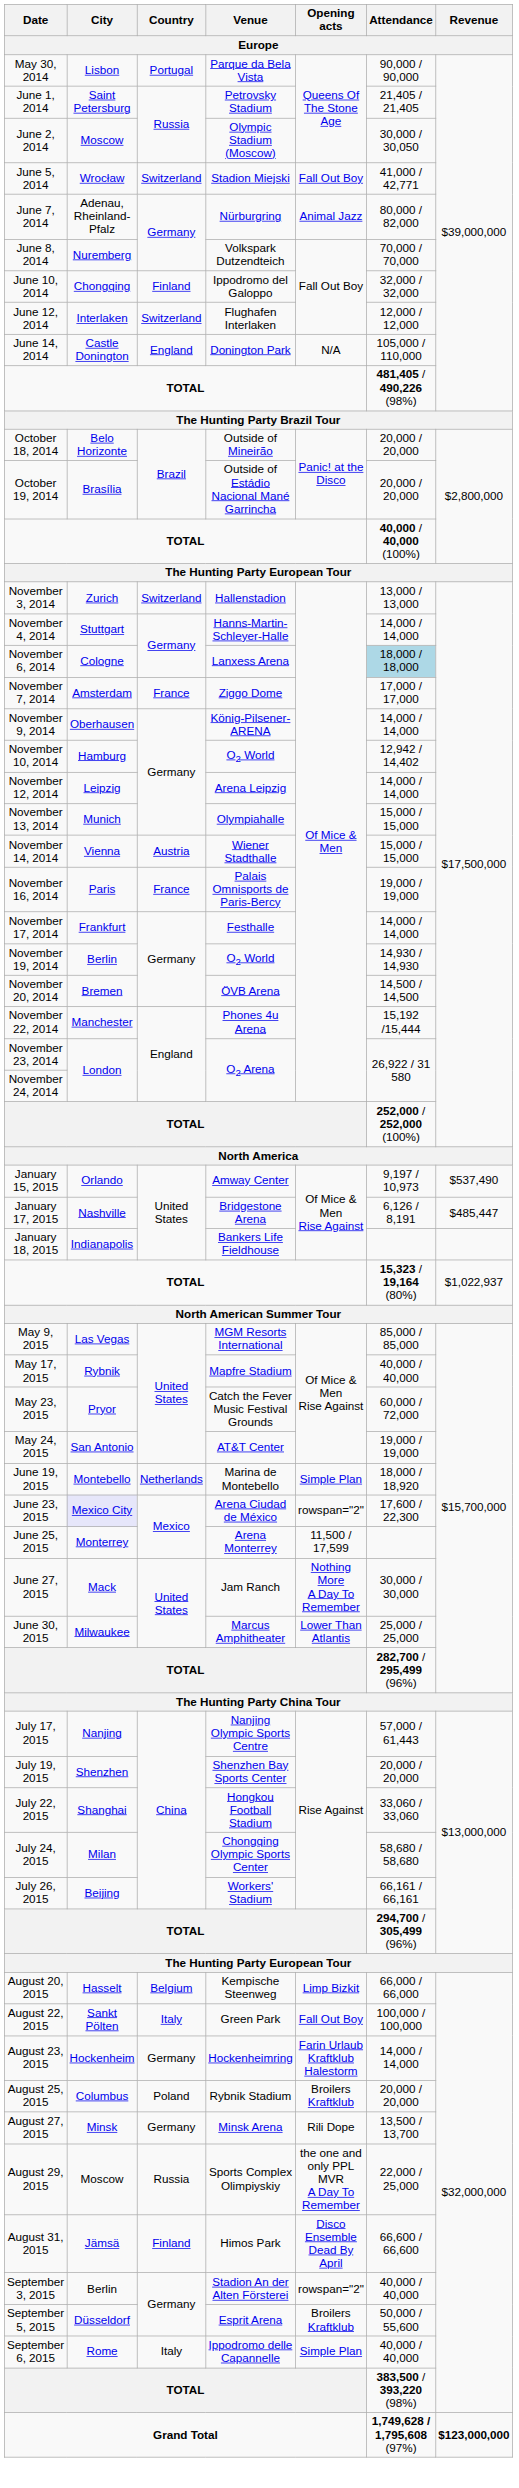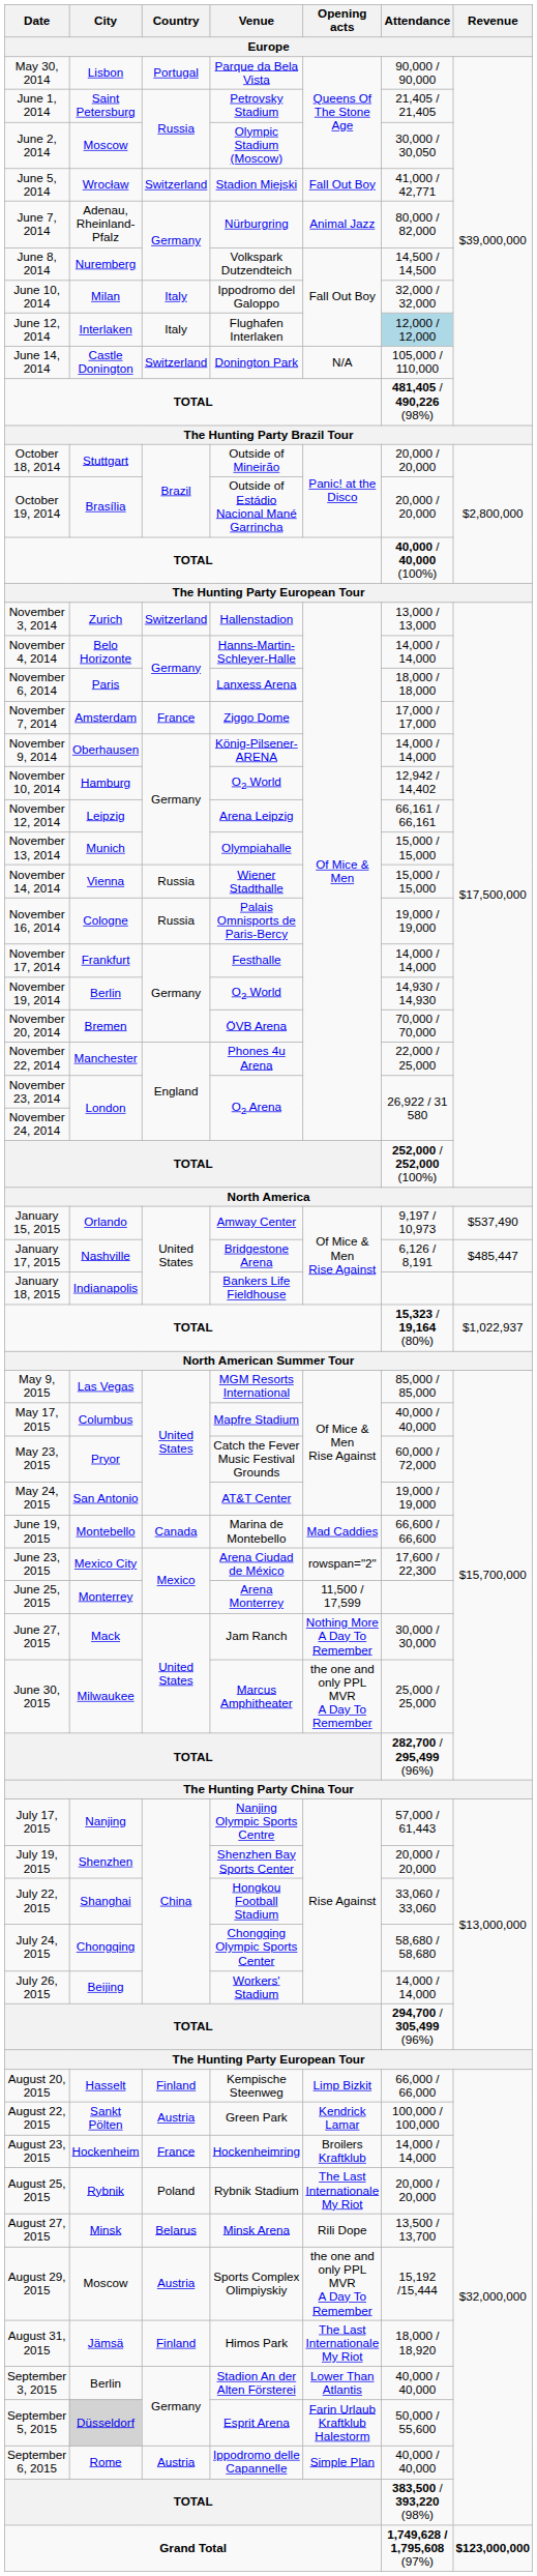 <table class="wikitable" style="text-align:center;">
 <tr>
 <th width="150" scope="col">Date</th>
 <th width="150" scope="col">City</th>
 <th width="150" scope="col">Country</th>
 <th width="250" scope="col">Venue</th>
 <th scope="col" style="width:10em;">Opening acts</th>
 <th scope="col" style="width:12em;">Attendance</th>
 <th scope="col" style="width:12em;">Revenue</th>
 </tr>
 <tr>
 <th colspan="7">Europe</th>
 </tr>
 <tr>
 <td>May 30, 2014</td>
 <td><a href='#'>Lisbon</a></td>
 <td><a href='#'>Portugal</a></td>
 <td><a href='#'>Parque da Bela Vista</a></td>
 <td rowspan="3"><a href='#'>Queens Of The Stone Age</a></td>
 <td>90,000 / 90,000</td>
 <td rowspan="10">$39,000,000</td>
 </tr>
 <tr>
 <td>June 1, 2014</td>
 <td><a href='#'>Saint Petersburg</a></td>
 <td rowspan="2"><a href='#'>Russia</a></td>
 <td><a href='#'>Petrovsky Stadium</a></td>
 <td>21,405 / 21,405</td>
 </tr>
 <tr>
 <td>June 2, 2014</td>
 <td><a href='#'>Moscow</a></td>
 <td><a href='#'>Olympic Stadium (Moscow)</a></td>
 <td>30,000 / 30,050</td>
 </tr>
 <tr>
 <td>June 5, 2014</td>
 <td><a href='#'>Wrocław</a></td>
 <td><a href='#'>Switzerland</a></td>
 <td><a href='#'>Stadion Miejski</a></td>
 <td><a href='#'>Fall Out Boy</a></td>
 <td>41,000 / 42,771</td>
 </tr>
 <tr>
 <td>June 7, 2014</td>
 <td>Adenau, Rheinland-Pfalz</td>
 <td rowspan="2"><a href='#'>Germany</a></td>
 <td><a href='#'>Nürburgring</a></td>
 <td><a href='#'>Animal Jazz</a></td>
 <td>80,000 / 82,000</td>
 </tr>
 <tr>
 <td>June 8, 2014</td>
 <td><a href='#'>Nuremberg</a></td>
 <td>Volkspark Dutzendteich</td>
 <td rowspan="3">Fall Out Boy</td>
-<td>70,000 / 70,000</td>
+<td>14,500 / 14,500</td>
 </tr>
 <tr>
 <td>June 10, 2014</td>
-<td><a href='#'>Chongqing</a></td>
-<td><a href='#'>Finland</a></td>
+<td><a href='#'>Milan</a></td>
+<td><a href='#'>Italy</a></td>
 <td>Ippodromo del Galoppo</td>
 <td>32,000 / 32,000</td>
 </tr>
 <tr>
 <td>June 12, 2014</td>
 <td><a href='#'>Interlaken</a></td>
-<td><a href='#'>Switzerland</a></td>
+<td>Italy</td>
 <td>Flughafen Interlaken</td>
-<td>12,000 / 12,000</td>
+<td style="background: lightblue;">12,000 / 12,000</td>
 </tr>
 <tr>
 <td>June 14, 2014</td>
 <td><a href='#'>Castle Donington</a></td>
-<td><a href='#'>England</a></td>
+<td><a href='#'>Switzerland</a></td>
 <td><a href='#'>Donington Park</a></td>
 <td>N/A</td>
 <td>105,000 / 110,000</td>
 </tr>
 <tr>
 <td colspan="5"><strong>TOTAL</strong></td>
 <td><strong>481,405</strong> / <strong>490,226</strong> (98%)</td>
 </tr>
 <tr>
 <th colspan="7">The Hunting Party Brazil Tour</th>
 </tr>
 <tr>
 <td>October 18, 2014</td>
-<td><a href='#'>Belo Horizonte</a></td>
+<td><a href='#'>Stuttgart</a></td>
 <td rowspan="2"><a href='#'>Brazil</a></td>
 <td>Outside of <a href='#'>Mineirão</a></td>
 <td rowspan="2"><a href='#'>Panic! at the Disco</a></td>
 <td>20,000 / 20,000</td>
 <td rowspan="3">$2,800,000</td>
 </tr>
 <tr>
 <td>October 19, 2014</td>
 <td><a href='#'>Brasília</a></td>
 <td>Outside of <a href='#'>Estádio Nacional Mané Garrincha</a></td>
 <td>20,000 / 20,000</td>
 </tr>
 <tr>
 <td colspan="5"><strong>TOTAL</strong></td>
 <td><strong>40,000</strong> / <strong>40,000</strong> (100%)</td>
 </tr>
 <tr>
 <th colspan="7">The Hunting Party European Tour</th>
 </tr>
 <tr>
 <td>November 3, 2014</td>
 <td><a href='#'>Zurich</a></td>
 <td><a href='#'>Switzerland</a></td>
 <td><a href='#'>Hallenstadion</a></td>
 <td rowspan="16"><a href='#'>Of Mice & Men</a></td>
 <td>13,000 / 13,000</td>
 <td rowspan="17">$17,500,000</td>
 </tr>
 <tr>
 <td>November 4, 2014</td>
-<td><a href='#'>Stuttgart</a></td>
+<td><a href='#'>Belo Horizonte</a></td>
 <td rowspan="2"><a href='#'>Germany</a></td>
 <td><a href='#'>Hanns-Martin-Schleyer-Halle</a></td>
 <td>14,000 / 14,000</td>
 </tr>
 <tr>
 <td>November 6, 2014</td>
-<td><a href='#'>Cologne</a></td>
+<td><a href='#'>Paris</a></td>
 <td><a href='#'>Lanxess Arena</a></td>
-<td style="background: lightblue;">18,000 / 18,000</td>
+<td>18,000 / 18,000</td>
 </tr>
 <tr>
 <td>November 7, 2014</td>
 <td><a href='#'>Amsterdam</a></td>
 <td><a href='#'>France</a></td>
 <td><a href='#'>Ziggo Dome</a></td>
 <td>17,000 / 17,000</td>
 </tr>
 <tr>
 <td>November 9, 2014</td>
 <td><a href='#'>Oberhausen</a></td>
 <td rowspan="4">Germany</td>
 <td><a href='#'>König-Pilsener-ARENA</a></td>
 <td>14,000 / 14,000</td>
 </tr>
 <tr>
 <td>November 10, 2014</td>
 <td><a href='#'>Hamburg</a></td>
 <td><a href='#'>O<sub>2</sub> World</a></td>
 <td>12,942 / 14,402</td>
 </tr>
 <tr>
 <td>November 12, 2014</td>
 <td><a href='#'>Leipzig</a></td>
 <td><a href='#'>Arena Leipzig</a></td>
-<td>14,000 / 14,000</td>
+<td>66,161 / 66,161</td>
 </tr>
 <tr>
 <td>November 13, 2014</td>
 <td><a href='#'>Munich</a></td>
 <td><a href='#'>Olympiahalle</a></td>
 <td>15,000 / 15,000</td>
 </tr>
 <tr>
 <td>November 14, 2014</td>
 <td><a href='#'>Vienna</a></td>
-<td><a href='#'>Austria</a></td>
+<td>Russia</td>
 <td><a href='#'>Wiener Stadthalle</a></td>
 <td>15,000 / 15,000</td>
 </tr>
 <tr>
 <td>November 16, 2014</td>
-<td><a href='#'>Paris</a></td>
-<td><a href='#'>France</a></td>
+<td><a href='#'>Cologne</a></td>
+<td>Russia</td>
 <td><a href='#'>Palais Omnisports de Paris-Bercy</a></td>
 <td>19,000 / 19,000</td>
 </tr>
 <tr>
 <td>November 17, 2014</td>
 <td><a href='#'>Frankfurt</a></td>
 <td rowspan="3">Germany</td>
 <td><a href='#'>Festhalle</a></td>
 <td>14,000 / 14,000</td>
 </tr>
 <tr>
 <td>November 19, 2014</td>
 <td><a href='#'>Berlin</a></td>
 <td><a href='#'>O<sub>2</sub> World</a></td>
 <td>14,930 / 14,930</td>
 </tr>
 <tr>
 <td>November 20, 2014</td>
 <td><a href='#'>Bremen</a></td>
 <td><a href='#'>ÖVB Arena</a></td>
-<td>14,500 / 14,500</td>
+<td>70,000 / 70,000</td>
 </tr>
 <tr>
 <td>November 22, 2014</td>
 <td><a href='#'>Manchester</a></td>
 <td rowspan="3">England</td>
 <td><a href='#'>Phones 4u Arena</a></td>
-<td>15,192 /15,444</td>
+<td>22,000 / 25,000</td>
 </tr>
 <tr>
 <td>November 23, 2014</td>
 <td rowspan="2"><a href='#'>London</a></td>
 <td rowspan="2"><a href='#'>O<sub>2</sub> Arena</a></td>
 <td rowspan="2">26,922 / 31 580</td>
 </tr>
 <tr>
 <td>November 24, 2014</td>
 </tr>
 <tr>
 <th colspan="5"><strong>TOTAL</strong></th>
 <td><strong>252,000</strong> / <strong>252,000</strong> (100%)</td>
 </tr>
 <tr>
 <th colspan="7">North America</th>
 </tr>
 <tr>
 <td>January 15, 2015</td>
 <td><a href='#'>Orlando</a></td>
 <td rowspan="3">United States</td>
 <td><a href='#'>Amway Center</a></td>
 <td rowspan="3">Of Mice & Men<br><a href='#'>Rise Against</a></td>
 <td>9,197 / 10,973</td>
 <td>$537,490</td>
 </tr>
 <tr>
 <td>January 17, 2015</td>
 <td><a href='#'>Nashville</a></td>
 <td><a href='#'>Bridgestone Arena</a></td>
 <td>6,126 / 8,191</td>
 <td>$485,447</td>
 </tr>
 <tr>
 <td>January 18, 2015</td>
 <td><a href='#'>Indianapolis</a></td>
 <td><a href='#'>Bankers Life Fieldhouse</a></td>
 <td></td>
 <td></td>
 </tr>
 <tr>
 <td colspan="5"><strong>TOTAL</strong></td>
 <td><strong>15,323</strong> / <strong>19,164</strong> (80%)</td>
 <td>$1,022,937</td>
 </tr>
 <tr>
 <th colspan="7">North American Summer Tour</th>
 </tr>
 <tr>
 <td>May 9, 2015</td>
 <td><a href='#'>Las Vegas</a></td>
 <td rowspan="4"><a href='#'>United States</a></td>
 <td><a href='#'>MGM Resorts International</a></td>
 <td rowspan="4">Of Mice & Men<br>Rise Against</td>
 <td>85,000 / 85,000</td>
 <td rowspan="10">$15,700,000</td>
 </tr>
 <tr>
 <td>May 17, 2015</td>
-<td><a href='#'>Rybnik</a></td>
+<td><a href='#'>Columbus</a></td>
 <td><a href='#'>Mapfre Stadium</a></td>
 <td>40,000 / 40,000</td>
 </tr>
 <tr>
 <td>May 23, 2015</td>
 <td><a href='#'>Pryor</a></td>
 <td>Catch the Fever Music Festival Grounds</td>
 <td>60,000 / 72,000</td>
 </tr>
 <tr>
 <td>May 24, 2015</td>
 <td><a href='#'>San Antonio</a></td>
 <td><a href='#'>AT&T Center</a></td>
 <td>19,000 / 19,000</td>
 </tr>
 <tr>
 <td>June 19, 2015</td>
 <td><a href='#'>Montebello</a></td>
-<td><a href='#'>Netherlands</a></td>
+<td><a href='#'>Canada</a></td>
 <td>Marina de Montebello</td>
-<td><a href='#'>Simple Plan</a></td>
-<td>18,000 / 18,920</td>
+<td><a href='#'>Mad Caddies</a></td>
+<td>66,600 / 66,600</td>
 </tr>
 <tr>
 <td>June 23, 2015</td>
-<td style="background: lavender;"><a href='#'>Mexico City</a></td>
+<td><a href='#'>Mexico City</a></td>
 <td rowspan="2"><a href='#'>Mexico</a></td>
 <td><a href='#'>Arena Ciudad de México</a></td>
 <td>rowspan="2" </td>
 <td>17,600 / 22,300</td>
 </tr>
 <tr>
 <td>June 25, 2015</td>
 <td><a href='#'>Monterrey</a></td>
 <td><a href='#'>Arena Monterrey</a></td>
 <td>11,500 / 17,599</td>
 </tr>
 <tr>
 <td>June 27, 2015</td>
 <td><a href='#'>Mack</a></td>
 <td rowspan="2"><a href='#'>United States</a></td>
 <td>Jam Ranch</td>
 <td><a href='#'>Nothing More</a> <br><a href='#'>A Day To Remember</a></td>
 <td>30,000 / 30,000</td>
 </tr>
 <tr>
 <td>June 30, 2015</td>
 <td><a href='#'>Milwaukee</a></td>
 <td><a href='#'>Marcus Amphitheater</a></td>
-<td><a href='#'>Lower Than Atlantis</a></td>
+<td>the one and only PPL MVR <br><a href='#'>A Day To Remember</a></td>
 <td>25,000 / 25,000</td>
 </tr>
 <tr>
 <th colspan="5"><strong>TOTAL</strong></th>
 <td><strong>282,700</strong> / <strong>295,499</strong> (96%)</td>
 </tr>
 <tr>
 <th colspan="7">The Hunting Party China Tour</th>
 </tr>
 <tr>
 <td>July 17, 2015</td>
 <td><a href='#'>Nanjing</a></td>
 <td rowspan="5"><a href='#'>China</a></td>
 <td><a href='#'>Nanjing Olympic Sports Centre</a></td>
 <td rowspan="5">Rise Against</td>
 <td>57,000 / 61,443</td>
 <td rowspan="6">$13,000,000</td>
 </tr>
 <tr>
 <td>July 19, 2015</td>
 <td><a href='#'>Shenzhen</a></td>
 <td><a href='#'>Shenzhen Bay Sports Center</a></td>
 <td>20,000 / 20,000</td>
 </tr>
 <tr>
 <td>July 22, 2015</td>
 <td><a href='#'>Shanghai</a></td>
 <td><a href='#'>Hongkou Football Stadium</a></td>
 <td>33,060 / 33,060</td>
 </tr>
 <tr>
 <td>July 24, 2015</td>
-<td><a href='#'>Milan</a></td>
+<td><a href='#'>Chongqing</a></td>
 <td><a href='#'>Chongqing Olympic Sports Center</a></td>
 <td>58,680 / 58,680</td>
 </tr>
 <tr>
 <td>July 26, 2015</td>
 <td><a href='#'>Beijing</a></td>
 <td><a href='#'>Workers' Stadium</a></td>
-<td>66,161 / 66,161</td>
+<td>14,000 / 14,000</td>
 </tr>
 <tr>
 <th colspan="5"><strong>TOTAL</strong></th>
 <td><strong>294,700</strong> / <strong>305,499</strong> (96%)</td>
 </tr>
 <tr>
 <th colspan="7">The Hunting Party European Tour</th>
 </tr>
 <tr>
 <td>August 20, 2015</td>
 <td><a href='#'>Hasselt</a></td>
-<td><a href='#'>Belgium</a></td>
+<td><a href='#'>Finland</a></td>
 <td>Kempische Steenweg</td>
 <td><a href='#'>Limp Bizkit</a></td>
 <td>66,000 / 66,000</td>
 <td rowspan="11">$32,000,000</td>
 </tr>
 <tr>
 <td>August 22, 2015</td>
 <td><a href='#'>Sankt Pölten</a></td>
-<td><a href='#'>Italy</a></td>
+<td><a href='#'>Austria</a></td>
 <td>Green Park</td>
-<td><a href='#'>Fall Out Boy</a></td>
+<td><a href='#'>Kendrick Lamar</a></td>
 <td>100,000 / 100,000</td>
 </tr>
 <tr>
 <td>August 23, 2015</td>
 <td><a href='#'>Hockenheim</a></td>
-<td>Germany</td>
+<td><a href='#'>France</a></td>
 <td><a href='#'>Hockenheimring</a></td>
-<td><a href='#'>Farin Urlaub</a><br><a href='#'>Kraftklub</a><br><a href='#'>Halestorm</a></td>
+<td>Broilers<br><a href='#'>Kraftklub</a></td>
 <td>14,000 / 14,000</td>
 </tr>
 <tr>
 <td>August 25, 2015</td>
-<td><a href='#'>Columbus</a></td>
+<td><a href='#'>Rybnik</a></td>
 <td>Poland</td>
 <td>Rybnik Stadium</td>
-<td>Broilers<br><a href='#'>Kraftklub</a></td>
+<td><a href='#'>The Last Internationale</a><br><a href='#'>My Riot</a></td>
 <td>20,000 / 20,000</td>
 </tr>
 <tr>
 <td>August 27, 2015</td>
 <td><a href='#'>Minsk</a></td>
-<td>Germany</td>
+<td><a href='#'>Belarus</a></td>
 <td><a href='#'>Minsk Arena</a></td>
 <td>Rili Dope</td>
 <td>13,500 / 13,700</td>
 </tr>
 <tr>
 <td>August 29, 2015</td>
 <td>Moscow</td>
-<td>Russia</td>
+<td><a href='#'>Austria</a></td>
 <td>Sports Complex Olimpiyskiy</td>
 <td>the one and only PPL MVR <br><a href='#'>A Day To Remember</a></td>
-<td>22,000 / 25,000</td>
+<td>15,192 /15,444</td>
 </tr>
 <tr>
 <td>August 31, 2015</td>
 <td><a href='#'>Jämsä</a></td>
 <td><a href='#'>Finland</a></td>
 <td>Himos Park</td>
-<td><a href='#'>Disco Ensemble</a> <br><a href='#'>Dead By April</a></td>
-<td>66,600 / 66,600</td>
+<td><a href='#'>The Last Internationale</a><br><a href='#'>My Riot</a></td>
+<td>18,000 / 18,920</td>
 </tr>
 <tr>
 <td>September 3, 2015</td>
 <td>Berlin</td>
 <td rowspan="2">Germany</td>
 <td><a href='#'>Stadion An der Alten Försterei</a></td>
-<td>rowspan="2" </td>
+<td><a href='#'>Lower Than Atlantis</a></td>
 <td>40,000 / 40,000</td>
 </tr>
 <tr>
 <td>September 5, 2015</td>
-<td><a href='#'>Düsseldorf</a></td>
+<td style="background: lightgrey;"><a href='#'>Düsseldorf</a></td>
 <td><a href='#'>Esprit Arena</a></td>
-<td>Broilers<br><a href='#'>Kraftklub</a></td>
+<td><a href='#'>Farin Urlaub</a><br><a href='#'>Kraftklub</a><br><a href='#'>Halestorm</a></td>
 <td>50,000 / 55,600</td>
 </tr>
 <tr>
 <td>September 6, 2015</td>
 <td><a href='#'>Rome</a></td>
-<td>Italy</td>
+<td><a href='#'>Austria</a></td>
 <td><a href='#'>Ippodromo delle Capannelle</a></td>
 <td><a href='#'>Simple Plan</a></td>
 <td>40,000 / 40,000</td>
 </tr>
 <tr>
 <th colspan="5"><strong>TOTAL</strong></th>
 <td><strong>383,500</strong> / <strong>393,220</strong> (98%)</td>
 </tr>
 <tr>
 <td colspan="5"><strong>Grand Total</strong></td>
 <td><strong>1,749,628 / 1,795,608</strong> (97%)</td>
 <td><strong>$123,000,000</strong></td>
 </tr>
 </table>
